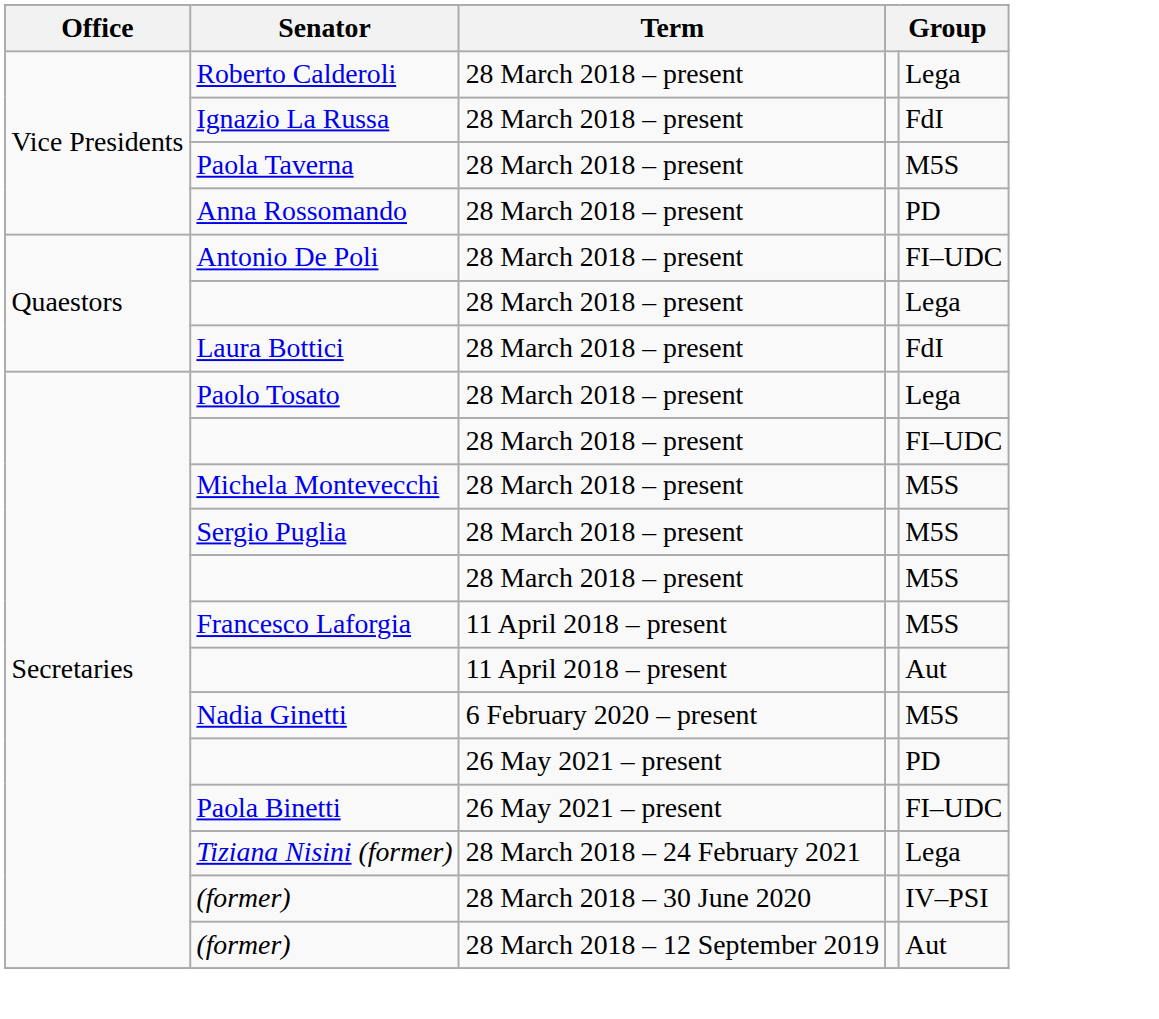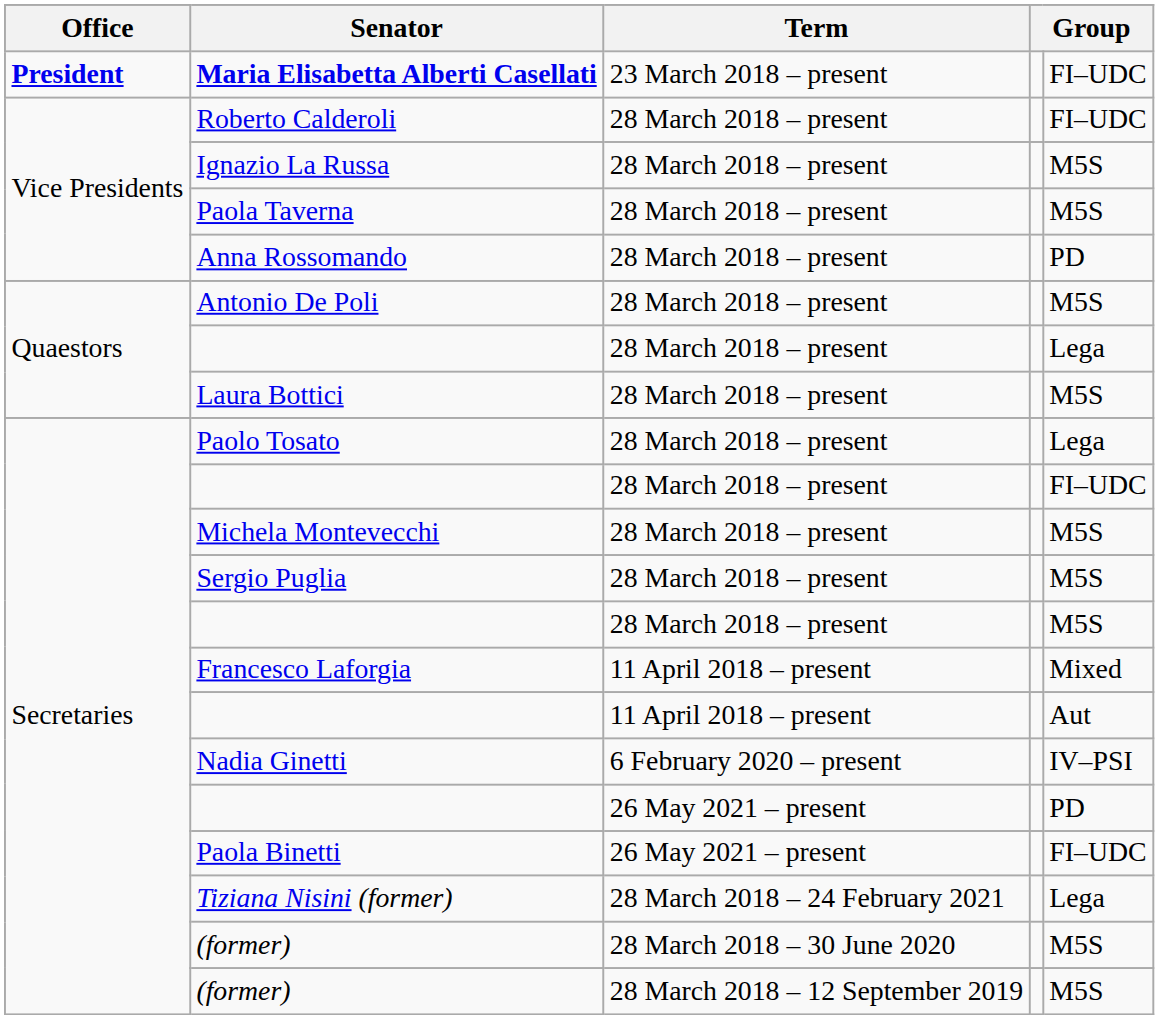 <table class="wikitable" style="text-align:left; font-size:90%;">
 <tr>
 <th>Office</th>
 <th>Senator</th>
 <th>Term</th>
 <th colspan="2">Group</th>
 </tr>
 <tr>
+<td><strong><a href='#'>President</a></strong></td>
+<td><strong><a href='#'>Maria Elisabetta Alberti Casellati</a></strong></td>
+<td>23 March 2018 – present</td>
+<td style="background-color:"></td>
+<td>FI–UDC</td>
+</tr>
+<tr>
 <td rowspan="4">Vice Presidents</td>
 <td><a href='#'>Roberto Calderoli</a></td>
 <td>28 March 2018 – present</td>
 <td style="background-color:"></td>
-<td>Lega</td>
+<td>FI–UDC</td>
 </tr>
 <tr>
 <td><a href='#'>Ignazio La Russa</a></td>
 <td>28 March 2018 – present</td>
 <td style="background-color:"></td>
-<td>FdI</td>
+<td>M5S</td>
 </tr>
 <tr>
 <td><a href='#'>Paola Taverna</a></td>
 <td>28 March 2018 – present</td>
 <td style="background-color:"></td>
 <td>M5S</td>
 </tr>
 <tr>
 <td><a href='#'>Anna Rossomando</a></td>
 <td>28 March 2018 – present</td>
 <td style="background-color:"></td>
 <td>PD</td>
 </tr>
 <tr>
 <td rowspan="3">Quaestors</td>
 <td><a href='#'>Antonio De Poli</a></td>
 <td>28 March 2018 – present</td>
 <td style="background-color:"></td>
-<td>FI–UDC</td>
+<td>M5S</td>
 </tr>
 <tr>
 <td></td>
 <td>28 March 2018 – present</td>
 <td style="background-color:"></td>
 <td>Lega</td>
 </tr>
 <tr>
 <td><a href='#'>Laura Bottici</a></td>
 <td>28 March 2018 – present</td>
 <td style="background-color:"></td>
-<td>FdI</td>
+<td>M5S</td>
 </tr>
 <tr>
 <td rowspan="13">Secretaries</td>
 <td><a href='#'>Paolo Tosato</a></td>
 <td>28 March 2018 – present</td>
 <td style="background-color:"></td>
 <td>Lega</td>
 </tr>
 <tr>
 <td></td>
 <td>28 March 2018 – present</td>
 <td style="background-color:"></td>
 <td>FI–UDC</td>
 </tr>
 <tr>
 <td><a href='#'>Michela Montevecchi</a></td>
 <td>28 March 2018 – present</td>
 <td style="background-color:"></td>
 <td>M5S</td>
 </tr>
 <tr>
 <td><a href='#'>Sergio Puglia</a></td>
 <td>28 March 2018 – present</td>
 <td style="background-color:"></td>
 <td>M5S</td>
 </tr>
 <tr>
 <td></td>
 <td>28 March 2018 – present</td>
 <td style="background-color:"></td>
 <td>M5S</td>
 </tr>
 <tr>
 <td><a href='#'>Francesco Laforgia</a></td>
 <td>11 April 2018 – present</td>
 <td style="background-color:"></td>
-<td>M5S</td>
+<td>Mixed</td>
 </tr>
 <tr>
 <td></td>
 <td>11 April 2018 – present</td>
 <td style="background-color:"></td>
 <td>Aut</td>
 </tr>
 <tr>
 <td><a href='#'>Nadia Ginetti</a></td>
 <td>6 February 2020 – present</td>
 <td style="background-color:"></td>
-<td>M5S</td>
+<td>IV–PSI</td>
 </tr>
 <tr>
 <td></td>
 <td>26 May 2021 – present</td>
 <td style="background-color:"></td>
 <td>PD</td>
 </tr>
 <tr>
 <td><a href='#'>Paola Binetti</a></td>
 <td>26 May 2021 – present</td>
 <td style="background-color:"></td>
 <td>FI–UDC</td>
 </tr>
 <tr>
 <td><em><a href='#'>Tiziana Nisini</a> (former)</em></td>
 <td>28 March 2018 – 24 February 2021</td>
 <td style="background-color:"></td>
 <td>Lega</td>
 </tr>
 <tr>
 <td><em> (former)</em></td>
 <td>28 March 2018 – 30 June 2020</td>
 <td style="background-color:"></td>
-<td>IV–PSI</td>
+<td>M5S</td>
 </tr>
 <tr>
 <td><em> (former)</em></td>
 <td>28 March 2018 – 12 September 2019</td>
 <td style="background-color:"></td>
-<td>Aut</td>
+<td>M5S</td>
 </tr>
 </table>
